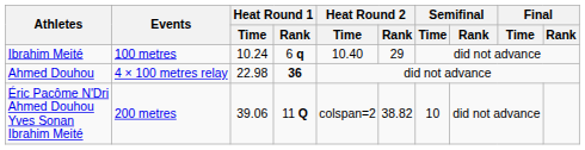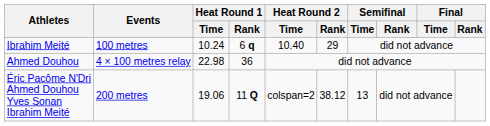 <table class=wikitable style=font-size:90%>
 <tr>
 <th rowspan=2>Athletes</th>
 <th rowspan=2>Events</th>
 <th colspan=2>Heat Round 1</th>
 <th colspan=2>Heat Round 2</th>
 <th colspan=2>Semifinal</th>
 <th colspan=2>Final</th>
 </tr>
 <tr>
 <th>Time</th>
 <th>Rank</th>
 <th>Time</th>
 <th>Rank</th>
 <th>Time</th>
 <th>Rank</th>
 <th>Time</th>
 <th>Rank</th>
 </tr>
 <tr>
 <td><a href='#'>Ibrahim Meité</a></td>
 <td><a href='#'>100 metres</a></td>
 <td align=center>10.24</td>
 <td align=center>6 <strong>q</strong></td>
 <td align=center>10.40</td>
 <td align=center>29</td>
 <td align=center colspan=4>did not advance</td>
 </tr>
 <tr>
 <td><a href='#'>Ahmed Douhou</a></td>
 <td><a href='#'>4 × 100 metres relay</a></td>
 <td align=center>22.98</td>
-<td align=center><strong>36</strong></td>
+<td align=center>36</td>
 <td align=center colspan=6>did not advance</td>
 </tr>
 <tr>
 <td><a href='#'>Éric Pacôme N'Dri</a><br><a href='#'>Ahmed Douhou</a><br><a href='#'>Yves Sonan</a><br><a href='#'>Ibrahim Meité</a></td>
 <td><a href='#'>200 metres</a></td>
-<td align=center>39.06</td>
+<td align=center>19.06</td>
 <td align=center>11 <strong>Q</strong></td>
 <td>colspan=2</td>
-<td align=center>38.82</td>
-<td align=center>10</td>
+<td align=center>38.12</td>
+<td align=center>13</td>
 <td align=center colspan=2>did not advance</td>
 </tr>
 </table>
